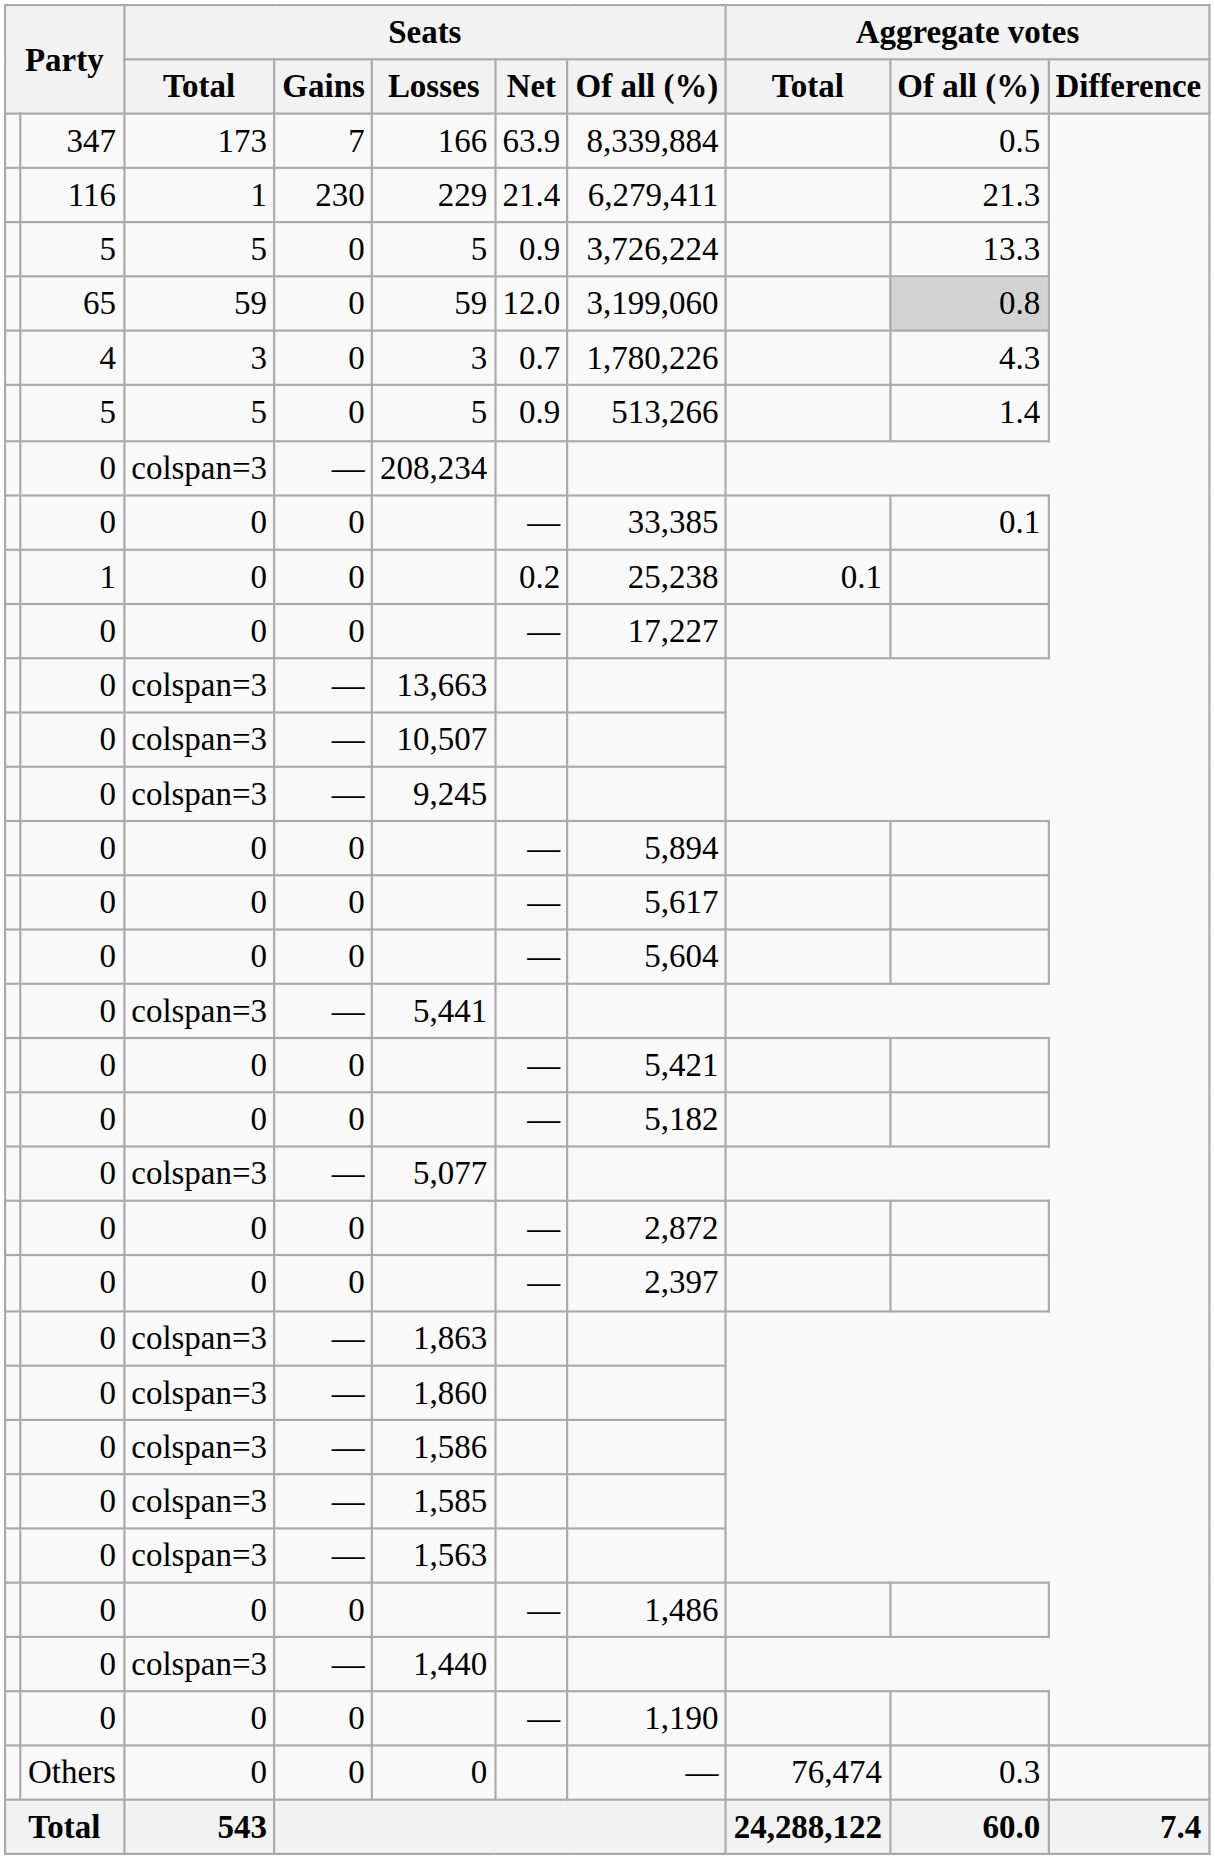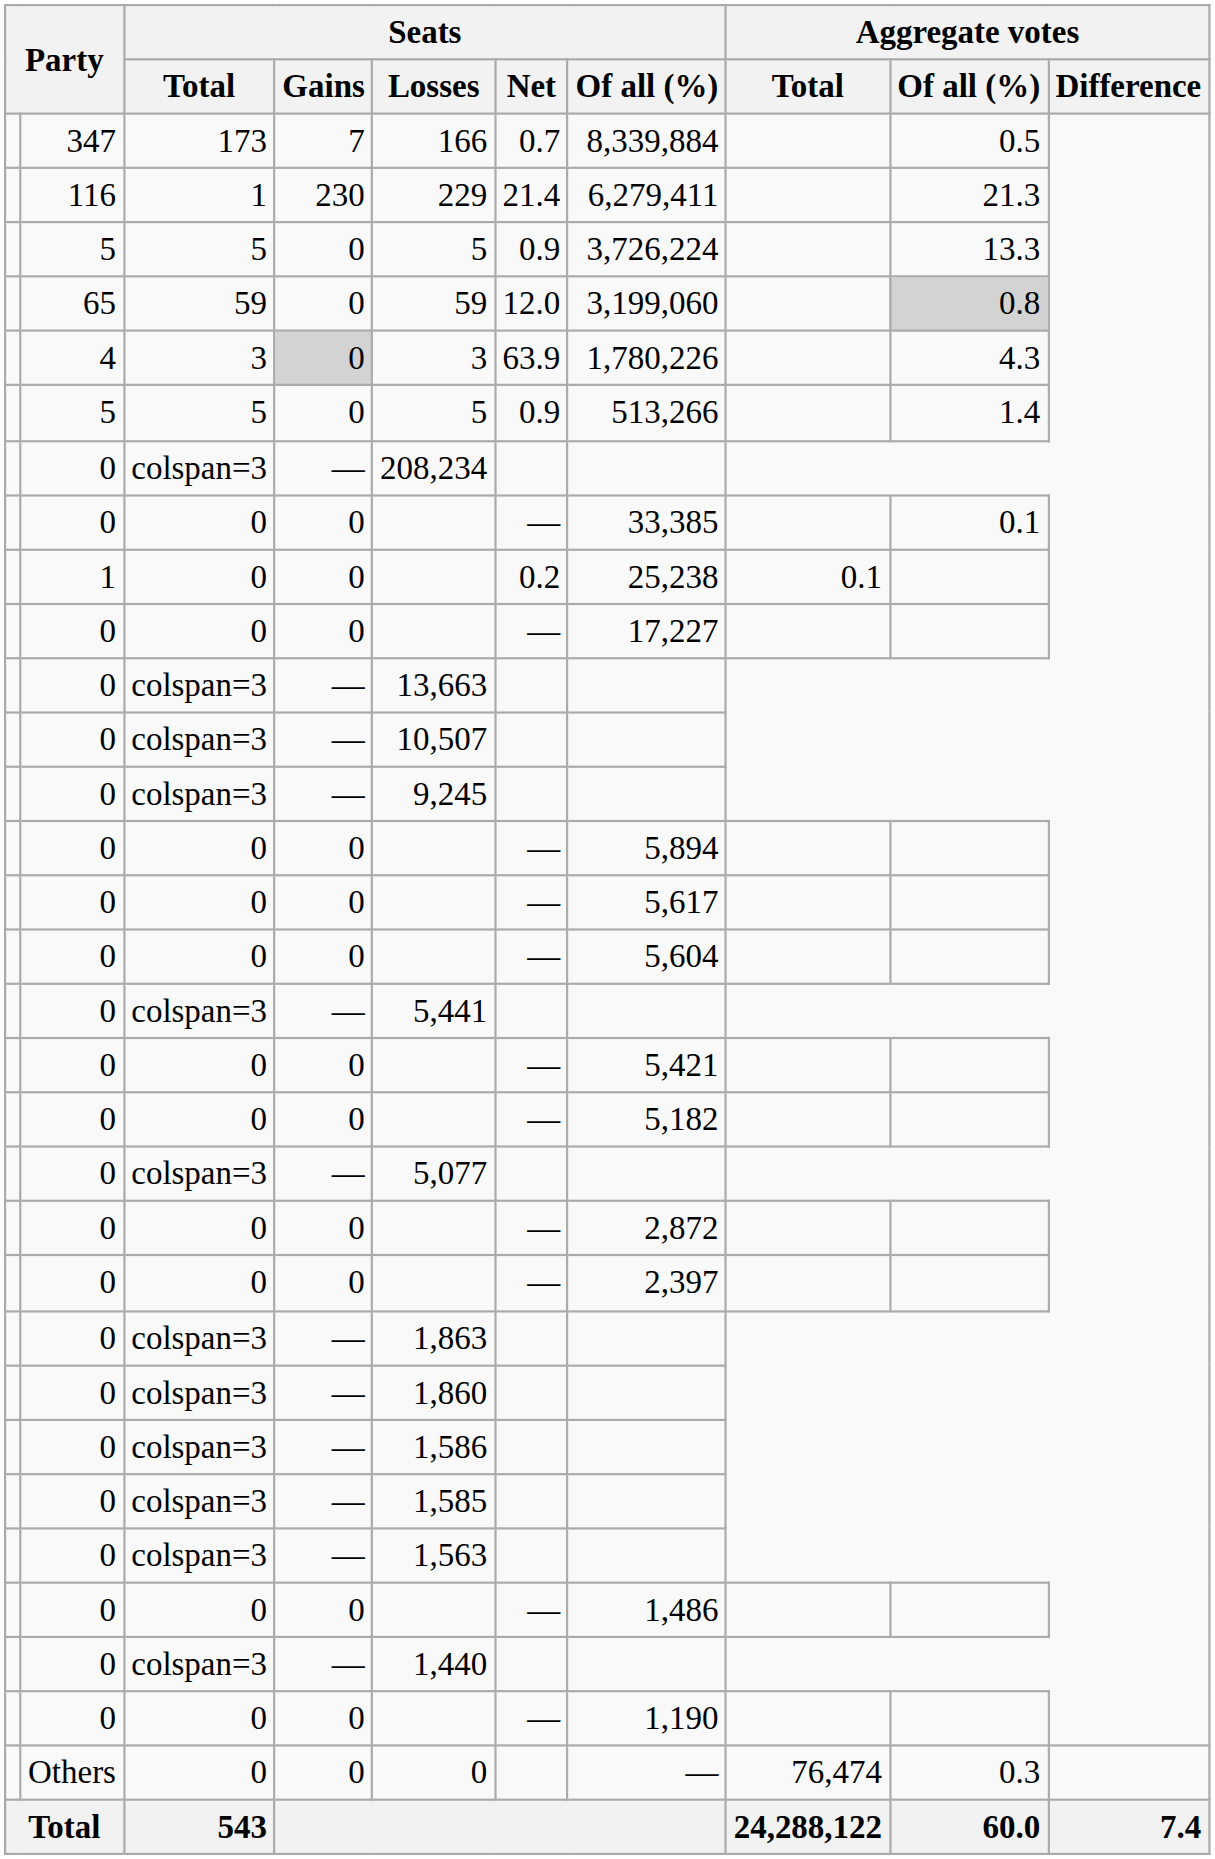 <table class="wikitable sortable" style="text-align:right; font-size:95%;">
 <tr>
 <th colspan="2" rowspan="2">Party</th>
 <th colspan="5">Seats</th>
 <th colspan="3">Aggregate votes</th>
 </tr>
 <tr>
 <th>Total</th>
 <th>Gains</th>
 <th>Losses</th>
 <th>Net</th>
 <th>Of all (%)</th>
 <th>Total</th>
 <th>Of all (%)</th>
 <th>Differ­ence</th>
 </tr>
 <tr>
 <td></td>
 <td>347</td>
 <td>173</td>
 <td>7</td>
 <td>166</td>
-<td>63.9</td>
+<td>0.7</td>
 <td>8,339,884</td>
 <td></td>
 <td>0.5</td>
 </tr>
 <tr>
 <td></td>
 <td>116</td>
 <td>1</td>
 <td>230</td>
 <td>229</td>
 <td>21.4</td>
 <td>6,279,411</td>
 <td></td>
 <td>21.3</td>
 </tr>
 <tr>
 <td></td>
 <td>5</td>
 <td>5</td>
 <td>0</td>
 <td>5</td>
 <td>0.9</td>
 <td>3,726,224</td>
 <td></td>
 <td>13.3</td>
 </tr>
 <tr>
 <td></td>
 <td>65</td>
 <td>59</td>
 <td>0</td>
 <td>59</td>
 <td>12.0</td>
 <td>3,199,060</td>
 <td></td>
 <td style="background: lightgrey;">0.8</td>
 </tr>
 <tr>
 <td></td>
 <td>4</td>
 <td>3</td>
-<td>0</td>
+<td style="background: lightgrey;">0</td>
 <td>3</td>
-<td>0.7</td>
+<td>63.9</td>
 <td>1,780,226</td>
 <td></td>
 <td>4.3</td>
 </tr>
 <tr>
 <td></td>
 <td>5</td>
 <td>5</td>
 <td>0</td>
 <td>5</td>
 <td>0.9</td>
 <td>513,266</td>
 <td></td>
 <td>1.4</td>
 </tr>
 <tr>
 <td></td>
 <td>0</td>
 <td>colspan=3 </td>
 <td>—</td>
 <td>208,234</td>
 <td></td>
 <td></td>
 </tr>
 <tr>
 <td></td>
 <td>0</td>
 <td>0</td>
 <td>0</td>
 <td></td>
 <td>—</td>
 <td>33,385</td>
 <td></td>
 <td>0.1</td>
 </tr>
 <tr>
 <td></td>
 <td>1</td>
 <td>0</td>
 <td>0</td>
 <td></td>
 <td>0.2</td>
 <td>25,238</td>
 <td>0.1</td>
 <td></td>
 </tr>
 <tr>
 <td></td>
 <td>0</td>
 <td>0</td>
 <td>0</td>
 <td></td>
 <td>—</td>
 <td>17,227</td>
 <td></td>
 <td></td>
 </tr>
 <tr>
 <td></td>
 <td>0</td>
 <td>colspan=3 </td>
 <td>—</td>
 <td>13,663</td>
 <td></td>
 <td></td>
 </tr>
 <tr>
 <td></td>
 <td>0</td>
 <td>colspan=3 </td>
 <td>—</td>
 <td>10,507</td>
 <td></td>
 <td></td>
 </tr>
 <tr>
 <td></td>
 <td>0</td>
 <td>colspan=3 </td>
 <td>—</td>
 <td>9,245</td>
 <td></td>
 <td></td>
 </tr>
 <tr>
 <td></td>
 <td>0</td>
 <td>0</td>
 <td>0</td>
 <td></td>
 <td>—</td>
 <td>5,894</td>
 <td></td>
 <td></td>
 </tr>
 <tr>
 <td></td>
 <td>0</td>
 <td>0</td>
 <td>0</td>
 <td></td>
 <td>—</td>
 <td>5,617</td>
 <td></td>
 <td></td>
 </tr>
 <tr>
 <td></td>
 <td>0</td>
 <td>0</td>
 <td>0</td>
 <td></td>
 <td>—</td>
 <td>5,604</td>
 <td></td>
 <td></td>
 </tr>
 <tr>
 <td></td>
 <td>0</td>
 <td>colspan=3 </td>
 <td>—</td>
 <td>5,441</td>
 <td></td>
 <td></td>
 </tr>
 <tr>
 <td></td>
 <td>0</td>
 <td>0</td>
 <td>0</td>
 <td></td>
 <td>—</td>
 <td>5,421</td>
 <td></td>
 <td></td>
 </tr>
 <tr>
 <td></td>
 <td>0</td>
 <td>0</td>
 <td>0</td>
 <td></td>
 <td>—</td>
 <td>5,182</td>
 <td></td>
 <td></td>
 </tr>
 <tr>
 <td></td>
 <td>0</td>
 <td>colspan=3 </td>
 <td>—</td>
 <td>5,077</td>
 <td></td>
 <td></td>
 </tr>
 <tr>
 <td></td>
 <td>0</td>
 <td>0</td>
 <td>0</td>
 <td></td>
 <td>—</td>
 <td>2,872</td>
 <td></td>
 <td></td>
 </tr>
 <tr>
 <td></td>
 <td>0</td>
 <td>0</td>
 <td>0</td>
 <td></td>
 <td>—</td>
 <td>2,397</td>
 <td></td>
 <td></td>
 </tr>
 <tr>
 <td></td>
 <td>0</td>
 <td>colspan=3 </td>
 <td>—</td>
 <td>1,863</td>
 <td></td>
 <td></td>
 </tr>
 <tr>
 <td></td>
 <td>0</td>
 <td>colspan=3 </td>
 <td>—</td>
 <td>1,860</td>
 <td></td>
 <td></td>
 </tr>
 <tr>
 <td></td>
 <td>0</td>
 <td>colspan=3 </td>
 <td>—</td>
 <td>1,586</td>
 <td></td>
 <td></td>
 </tr>
 <tr>
 <td></td>
 <td>0</td>
 <td>colspan=3 </td>
 <td>—</td>
 <td>1,585</td>
 <td></td>
 <td></td>
 </tr>
 <tr>
 <td></td>
 <td>0</td>
 <td>colspan=3 </td>
 <td>—</td>
 <td>1,563</td>
 <td></td>
 <td></td>
 </tr>
 <tr>
 <td></td>
 <td>0</td>
 <td>0</td>
 <td>0</td>
 <td></td>
 <td>—</td>
 <td>1,486</td>
 <td></td>
 <td></td>
 </tr>
 <tr>
 <td></td>
 <td>0</td>
 <td>colspan=3 </td>
 <td>—</td>
 <td>1,440</td>
 <td></td>
 <td></td>
 </tr>
 <tr>
 <td></td>
 <td>0</td>
 <td>0</td>
 <td>0</td>
 <td></td>
 <td>—</td>
 <td>1,190</td>
 <td></td>
 <td></td>
 </tr>
 <tr>
 <td></td>
 <td align=left>Others</td>
 <td>0</td>
 <td>0</td>
 <td>0</td>
 <td></td>
 <td>—</td>
 <td>76,474</td>
 <td>0.3</td>
 <td></td>
 </tr>
 <tr style="background-color:#f2f2f2; text-align:right; font-weight:bold;">
 <th colspan="2" scope="row" style="background-color:#f2f2f2;">Total</th>
 <td>543</td>
 <td colspan="4"></td>
 <td>24,288,122</td>
 <td>60.0</td>
 <td>7.4</td>
 </tr>
 </table>
